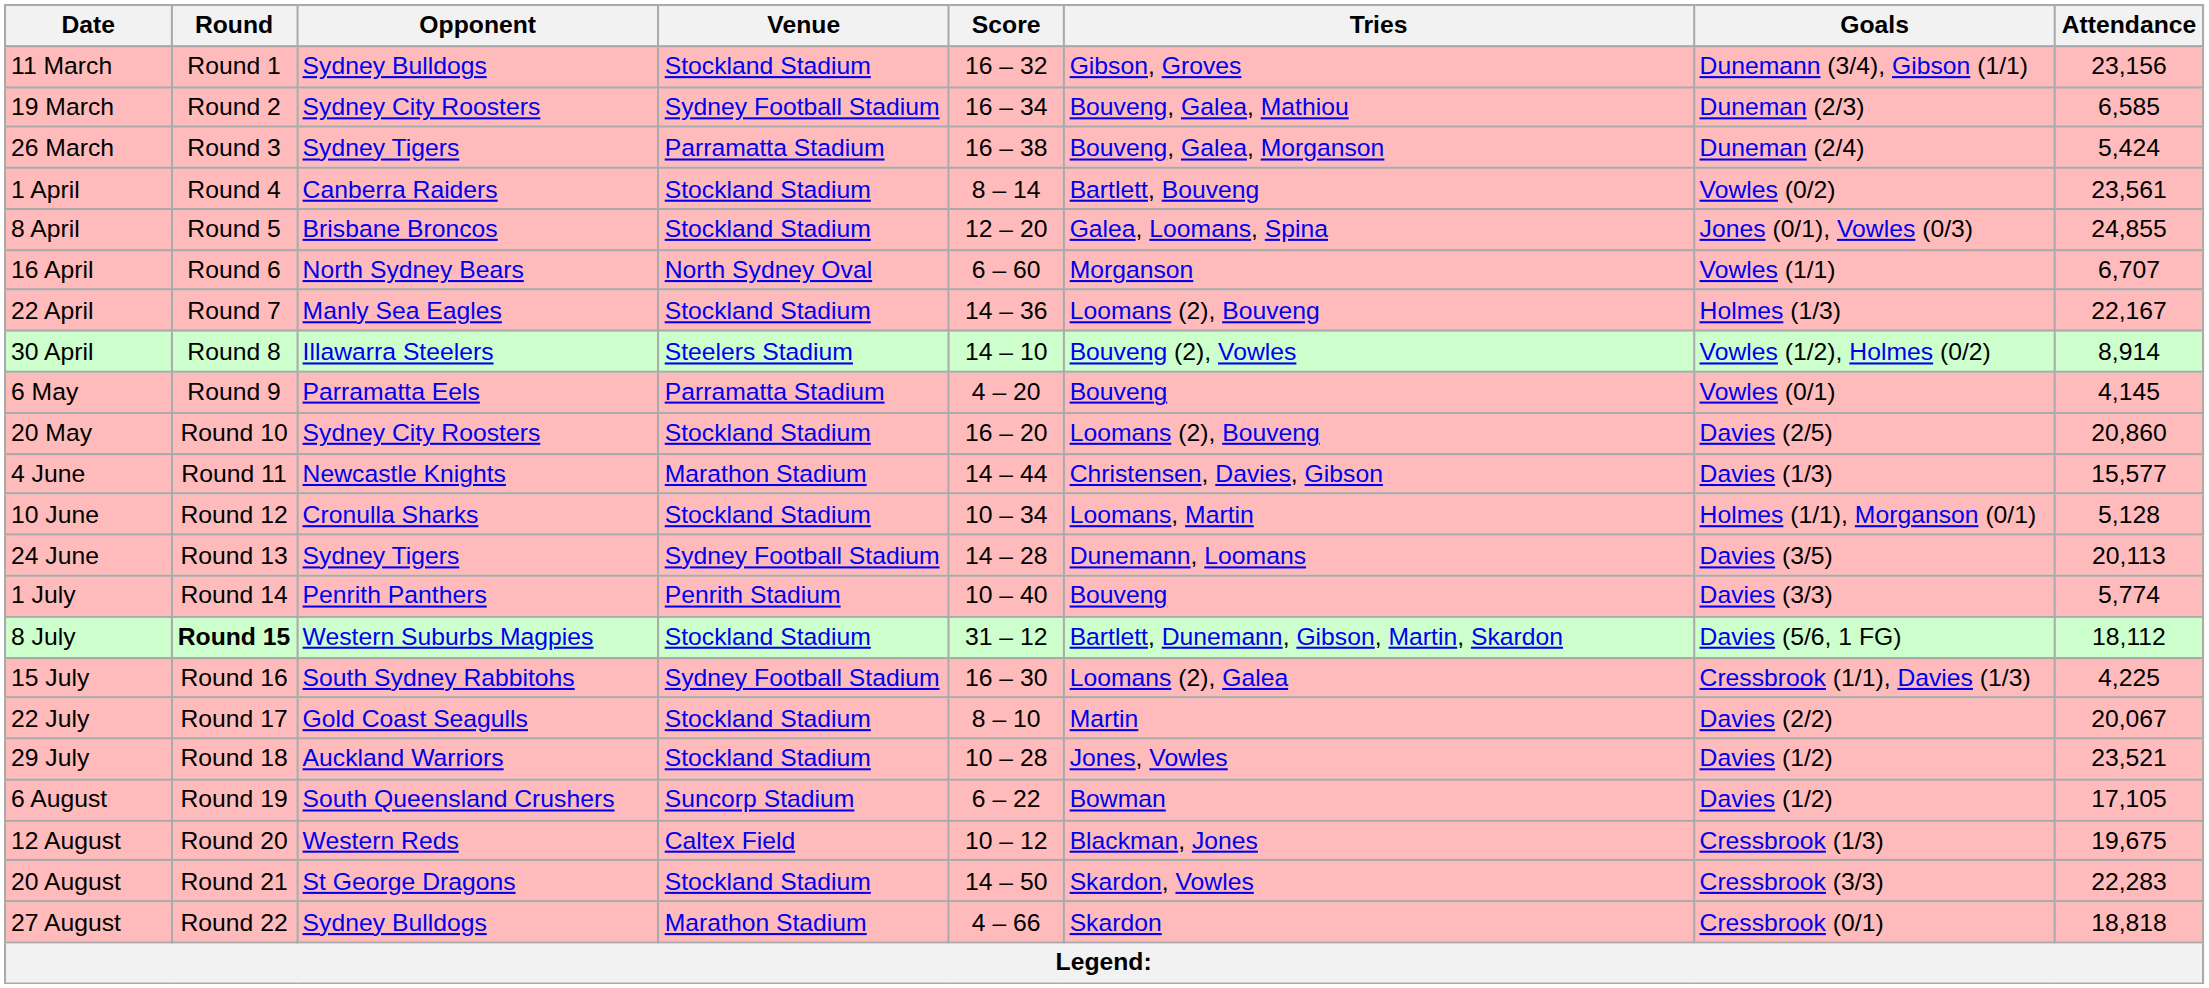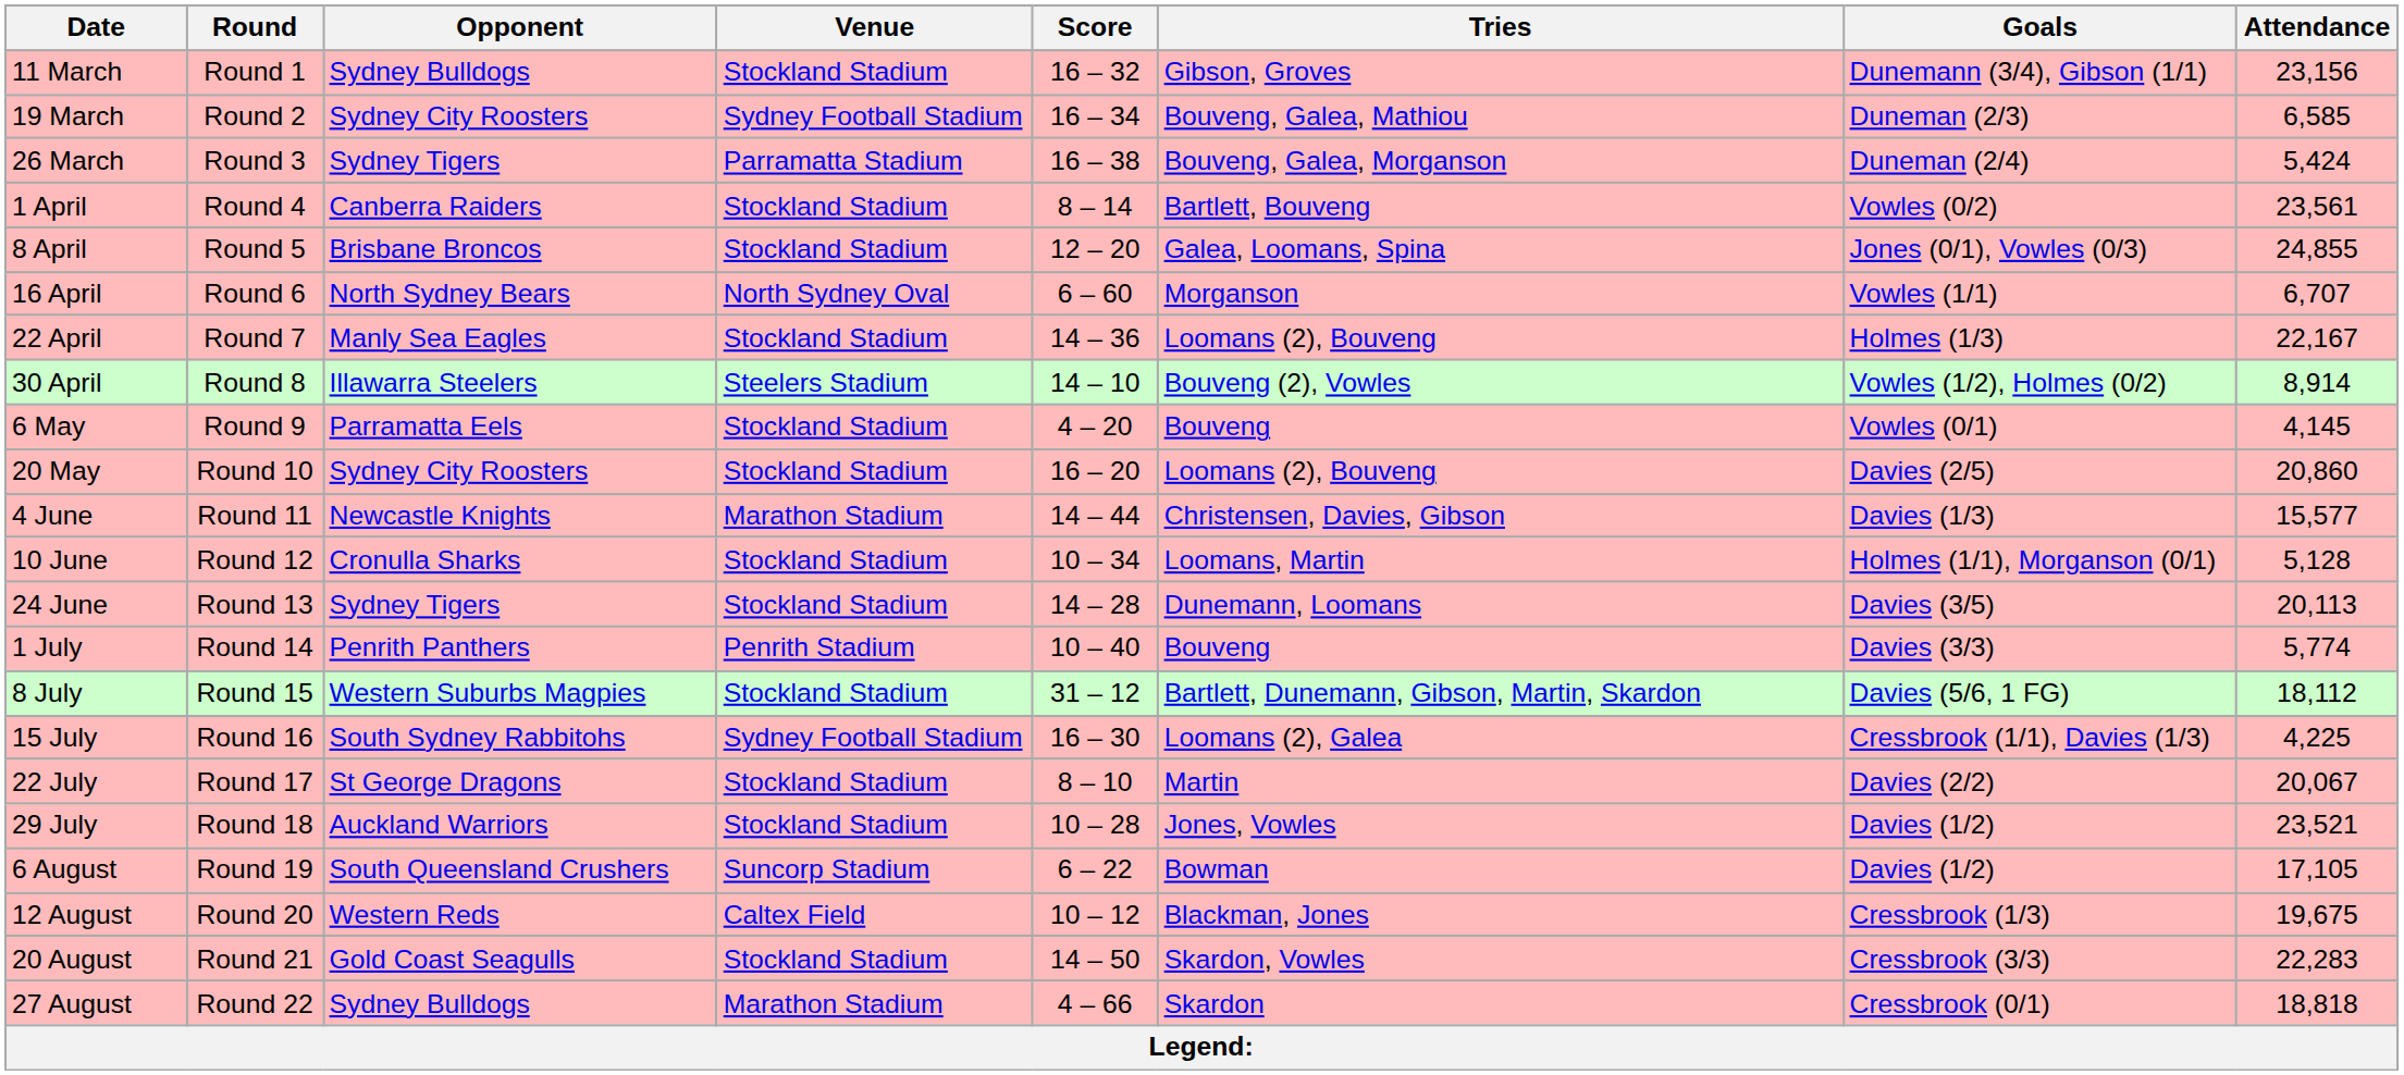 <table class="wikitable" style="font-size:75%;">
 <tr>
 <th style="width:75px;">Date</th>
 <th style="width:55px;">Round</th>
 <th style="width:170px;">Opponent</th>
 <th style="width:135px;">Venue</th>
 <th style="width:50px;">Score</th>
 <th style="width:300px;">Tries</th>
 <th style="width:170px;">Goals</th>
 <th style="width:60px;">Attendance</th>
 </tr>
 <tr style="background:#FFBBBB">
 <td>11 March</td>
 <td style="text-align:center;">Round 1</td>
 <td> <a href='#'>Sydney Bulldogs</a></td>
 <td><a href='#'>Stockland Stadium</a></td>
 <td style="text-align:center;">16 – 32</td>
 <td><a href='#'>Gibson</a>, <a href='#'>Groves</a></td>
 <td><a href='#'>Dunemann</a> (3/4), <a href='#'>Gibson</a> (1/1)</td>
 <td style="text-align:center;">23,156</td>
 </tr>
 <tr style="background:#FFBBBB">
 <td>19 March</td>
 <td style="text-align:center;">Round 2</td>
 <td> <a href='#'>Sydney City Roosters</a></td>
 <td><a href='#'>Sydney Football Stadium</a></td>
 <td style="text-align:center;">16 – 34</td>
 <td><a href='#'>Bouveng</a>, <a href='#'>Galea</a>, <a href='#'>Mathiou</a></td>
 <td><a href='#'>Duneman</a> (2/3)</td>
 <td style="text-align:center;">6,585</td>
 </tr>
 <tr style="background:#FFBBBB">
 <td>26 March</td>
 <td style="text-align:center;">Round 3</td>
 <td> <a href='#'>Sydney Tigers</a></td>
 <td><a href='#'>Parramatta Stadium</a></td>
 <td style="text-align:center;">16 – 38</td>
 <td><a href='#'>Bouveng</a>, <a href='#'>Galea</a>, <a href='#'>Morganson</a></td>
 <td><a href='#'>Duneman</a> (2/4)</td>
 <td style="text-align:center;">5,424</td>
 </tr>
 <tr style="background:#FFBBBB">
 <td>1 April</td>
 <td style="text-align:center;">Round 4</td>
 <td> <a href='#'>Canberra Raiders</a></td>
 <td><a href='#'>Stockland Stadium</a></td>
 <td style="text-align:center;">8 – 14</td>
 <td><a href='#'>Bartlett</a>, <a href='#'>Bouveng</a></td>
 <td><a href='#'>Vowles</a> (0/2)</td>
 <td style="text-align:center;">23,561</td>
 </tr>
 <tr style="background:#FFBBBB">
 <td>8 April</td>
 <td style="text-align:center;">Round 5</td>
 <td> <a href='#'>Brisbane Broncos</a></td>
 <td><a href='#'>Stockland Stadium</a></td>
 <td style="text-align:center;">12 – 20</td>
 <td><a href='#'>Galea</a>, <a href='#'>Loomans</a>, <a href='#'>Spina</a></td>
 <td><a href='#'>Jones</a> (0/1), <a href='#'>Vowles</a> (0/3)</td>
 <td style="text-align:center;">24,855</td>
 </tr>
 <tr style="background:#FFBBBB">
 <td>16 April</td>
 <td style="text-align:center;">Round 6</td>
 <td> <a href='#'>North Sydney Bears</a></td>
 <td><a href='#'>North Sydney Oval</a></td>
 <td style="text-align:center;">6 – 60</td>
 <td><a href='#'>Morganson</a></td>
 <td><a href='#'>Vowles</a> (1/1)</td>
 <td style="text-align:center;">6,707</td>
 </tr>
 <tr style="background:#FFBBBB">
 <td>22 April</td>
 <td style="text-align:center;">Round 7</td>
 <td> <a href='#'>Manly Sea Eagles</a></td>
 <td><a href='#'>Stockland Stadium</a></td>
 <td style="text-align:center;">14 – 36</td>
 <td><a href='#'>Loomans</a> (2), <a href='#'>Bouveng</a></td>
 <td><a href='#'>Holmes</a> (1/3)</td>
 <td style="text-align:center;">22,167</td>
 </tr>
 <tr style="background:#CCFFCC">
 <td>30 April</td>
 <td style="text-align:center;">Round 8</td>
 <td> <a href='#'>Illawarra Steelers</a></td>
 <td><a href='#'>Steelers Stadium</a></td>
 <td style="text-align:center;">14 – 10</td>
 <td><a href='#'>Bouveng</a> (2), <a href='#'>Vowles</a></td>
 <td><a href='#'>Vowles</a> (1/2), <a href='#'>Holmes</a> (0/2)</td>
 <td style="text-align:center;">8,914</td>
 </tr>
 <tr style="background:#FFBBBB">
 <td>6 May</td>
 <td style="text-align:center;">Round 9</td>
 <td> <a href='#'>Parramatta Eels</a></td>
-<td><a href='#'>Parramatta Stadium</a></td>
+<td><a href='#'>Stockland Stadium</a></td>
 <td style="text-align:center;">4 – 20</td>
 <td><a href='#'>Bouveng</a></td>
 <td><a href='#'>Vowles</a> (0/1)</td>
 <td style="text-align:center;">4,145</td>
 </tr>
 <tr style="background:#FFBBBB">
 <td>20 May</td>
 <td style="text-align:center;">Round 10</td>
 <td> <a href='#'>Sydney City Roosters</a></td>
 <td><a href='#'>Stockland Stadium</a></td>
 <td style="text-align:center;">16 – 20</td>
 <td><a href='#'>Loomans</a> (2), <a href='#'>Bouveng</a></td>
 <td><a href='#'>Davies</a> (2/5)</td>
 <td style="text-align:center;">20,860</td>
 </tr>
 <tr style="background:#FFBBBB">
 <td>4 June</td>
 <td style="text-align:center;">Round 11</td>
 <td> <a href='#'>Newcastle Knights</a></td>
 <td><a href='#'>Marathon Stadium</a></td>
 <td style="text-align:center;">14 – 44</td>
 <td><a href='#'>Christensen</a>, <a href='#'>Davies</a>, <a href='#'>Gibson</a></td>
 <td><a href='#'>Davies</a> (1/3)</td>
 <td style="text-align:center;">15,577</td>
 </tr>
 <tr style="background:#FFBBBB">
 <td>10 June</td>
 <td style="text-align:center;">Round 12</td>
 <td> <a href='#'>Cronulla Sharks</a></td>
 <td><a href='#'>Stockland Stadium</a></td>
 <td style="text-align:center;">10 – 34</td>
 <td><a href='#'>Loomans</a>, <a href='#'>Martin</a></td>
 <td><a href='#'>Holmes</a> (1/1), <a href='#'>Morganson</a> (0/1)</td>
 <td style="text-align:center;">5,128</td>
 </tr>
 <tr style="background:#FFBBBB">
 <td>24 June</td>
 <td style="text-align:center;">Round 13</td>
 <td> <a href='#'>Sydney Tigers</a></td>
-<td><a href='#'>Sydney Football Stadium</a></td>
+<td><a href='#'>Stockland Stadium</a></td>
 <td style="text-align:center;">14 – 28</td>
 <td><a href='#'>Dunemann</a>, <a href='#'>Loomans</a></td>
 <td><a href='#'>Davies</a> (3/5)</td>
 <td style="text-align:center;">20,113</td>
 </tr>
 <tr style="background:#FFBBBB">
 <td>1 July</td>
 <td style="text-align:center;">Round 14</td>
 <td> <a href='#'>Penrith Panthers</a></td>
 <td><a href='#'>Penrith Stadium</a></td>
 <td style="text-align:center;">10 – 40</td>
 <td><a href='#'>Bouveng</a></td>
 <td><a href='#'>Davies</a> (3/3)</td>
 <td style="text-align:center;">5,774</td>
 </tr>
 <tr style="background:#CCFFCC">
 <td>8 July</td>
-<td style="text-align:center;"><strong>Round 15</strong></td>
+<td style="text-align:center;">Round 15</td>
 <td> <a href='#'>Western Suburbs Magpies</a></td>
 <td><a href='#'>Stockland Stadium</a></td>
 <td style="text-align:center;">31 – 12</td>
 <td><a href='#'>Bartlett</a>, <a href='#'>Dunemann</a>, <a href='#'>Gibson</a>, <a href='#'>Martin</a>, <a href='#'>Skardon</a></td>
 <td><a href='#'>Davies</a> (5/6, 1 FG)</td>
 <td style="text-align:center;">18,112</td>
 </tr>
 <tr style="background:#FFBBBB">
 <td>15 July</td>
 <td style="text-align:center;">Round 16</td>
 <td> <a href='#'>South Sydney Rabbitohs</a></td>
 <td><a href='#'>Sydney Football Stadium</a></td>
 <td style="text-align:center;">16 – 30</td>
 <td><a href='#'>Loomans</a> (2), <a href='#'>Galea</a></td>
 <td><a href='#'>Cressbrook</a> (1/1), <a href='#'>Davies</a> (1/3)</td>
 <td style="text-align:center;">4,225</td>
 </tr>
 <tr style="background:#FFBBBB">
 <td>22 July</td>
 <td style="text-align:center;">Round 17</td>
-<td> <a href='#'>Gold Coast Seagulls</a></td>
+<td> <a href='#'>St George Dragons</a></td>
 <td><a href='#'>Stockland Stadium</a></td>
 <td style="text-align:center;">8 – 10</td>
 <td><a href='#'>Martin</a></td>
 <td><a href='#'>Davies</a> (2/2)</td>
 <td style="text-align:center;">20,067</td>
 </tr>
 <tr style="background:#FFBBBB">
 <td>29 July</td>
 <td style="text-align:center;">Round 18</td>
 <td> <a href='#'>Auckland Warriors</a></td>
 <td><a href='#'>Stockland Stadium</a></td>
 <td style="text-align:center;">10 – 28</td>
 <td><a href='#'>Jones</a>, <a href='#'>Vowles</a></td>
 <td><a href='#'>Davies</a> (1/2)</td>
 <td style="text-align:center;">23,521</td>
 </tr>
 <tr style="background:#FFBBBB">
 <td>6 August</td>
 <td style="text-align:center;">Round 19</td>
 <td> <a href='#'>South Queensland Crushers</a></td>
 <td><a href='#'>Suncorp Stadium</a></td>
 <td style="text-align:center;">6 – 22</td>
 <td><a href='#'>Bowman</a></td>
 <td><a href='#'>Davies</a> (1/2)</td>
 <td style="text-align:center;">17,105</td>
 </tr>
 <tr style="background:#FFBBBB">
 <td>12 August</td>
 <td style="text-align:center;">Round 20</td>
 <td> <a href='#'>Western Reds</a></td>
 <td><a href='#'>Caltex Field</a></td>
 <td style="text-align:center;">10 – 12</td>
 <td><a href='#'>Blackman</a>, <a href='#'>Jones</a></td>
 <td><a href='#'>Cressbrook</a> (1/3)</td>
 <td style="text-align:center;">19,675</td>
 </tr>
 <tr style="background:#FFBBBB">
 <td>20 August</td>
 <td style="text-align:center;">Round 21</td>
-<td> <a href='#'>St George Dragons</a></td>
+<td> <a href='#'>Gold Coast Seagulls</a></td>
 <td><a href='#'>Stockland Stadium</a></td>
 <td style="text-align:center;">14 – 50</td>
 <td><a href='#'>Skardon</a>, <a href='#'>Vowles</a></td>
 <td><a href='#'>Cressbrook</a> (3/3)</td>
 <td style="text-align:center;">22,283</td>
 </tr>
 <tr style="background:#FFBBBB">
 <td>27 August</td>
 <td style="text-align:center;">Round 22</td>
 <td> <a href='#'>Sydney Bulldogs</a></td>
 <td><a href='#'>Marathon Stadium</a></td>
 <td style="text-align:center;">4 – 66</td>
 <td><a href='#'>Skardon</a></td>
 <td><a href='#'>Cressbrook</a> (0/1)</td>
 <td style="text-align:center;">18,818</td>
 </tr>
 <tr>
 <th colspan="11"><strong>Legend</strong>:    </th>
 </tr>
 </table>
